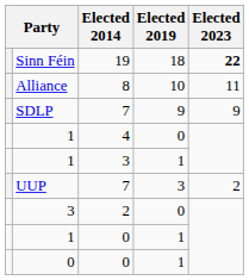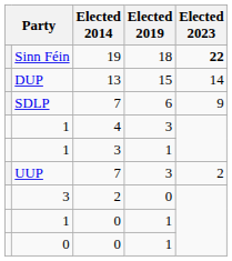 <table class="wikitable" style="font-size: 95%;">
 <tr>
 <th colspan="2">Party</th>
 <th>Elected<br>2014</th>
 <th>Elected<br>2019</th>
 <th>Elected<br>2023</th>
 </tr>
 <tr>
 <th style="background-color: "></th>
 <td><a href='#'>Sinn Féin</a></td>
 <td align="right">19</td>
 <td align="right">18</td>
 <td align="right"><strong>22</strong></td>
 </tr>
 <tr>
 <th style="background-color: "></th>
-<td><a href='#'>Alliance</a></td>
-<td align="right">8</td>
-<td align="right">10</td>
-<td align="right">11</td>
+<td><a href='#'>DUP</a></td>
+<td align="right">13</td>
+<td align="right">15</td>
+<td align="right">14</td>
 </tr>
 <tr>
 <th style="background-color: "></th>
 <td><a href='#'>SDLP</a></td>
 <td align="right">7</td>
-<td align="right">9</td>
+<td align="right">6</td>
 <td align="right">9</td>
 </tr>
 <tr>
 <td></td>
 <td align="right">1</td>
 <td align="right">4</td>
-<td align="right">0</td>
+<td align="right">3</td>
 </tr>
 <tr>
 <td></td>
 <td align="right">1</td>
 <td align="right">3</td>
 <td align="right">1</td>
 </tr>
 <tr>
 <th style="background-color: "></th>
 <td><a href='#'>UUP</a></td>
 <td align="right">7</td>
 <td align="right">3</td>
 <td align="right">2</td>
 </tr>
 <tr>
 <td></td>
 <td align="right">3</td>
 <td align="right">2</td>
 <td align="right">0</td>
 </tr>
 <tr>
 <td></td>
 <td align="right">1</td>
 <td align="right">0</td>
 <td align="right">1</td>
 </tr>
 <tr>
 <td></td>
 <td align="right">0</td>
 <td align="right">0</td>
 <td align="right">1</td>
 </tr>
 </table>
